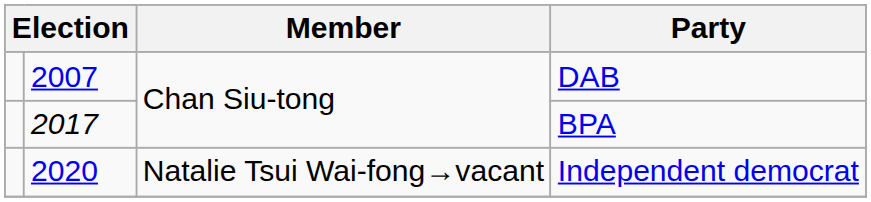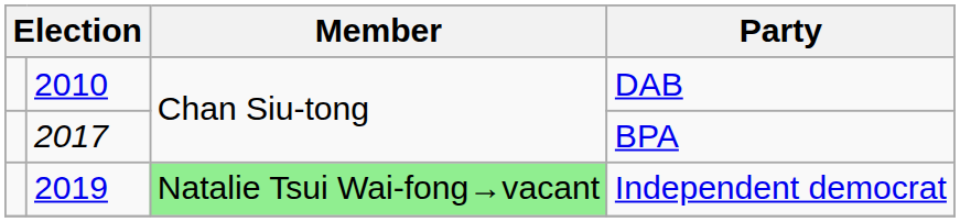 <table class="wikitable">
 <tr>
 <th colspan="2">Election</th>
 <th>Member</th>
 <th>Party</th>
 </tr>
 <tr>
 <td style="background-color: "></td>
-<td><a href='#'>2007</a></td>
+<td><a href='#'>2010</a></td>
 <td rowspan=2>Chan Siu-tong</td>
 <td><a href='#'>DAB</a></td>
 </tr>
 <tr>
 <td style="background-color: "></td>
 <td><em>2017</em></td>
 <td><a href='#'>BPA</a></td>
 </tr>
 <tr>
 <td style="background-color: "></td>
-<td><a href='#'>2020</a></td>
-<td>Natalie Tsui Wai-fong→vacant</td>
+<td><a href='#'>2019</a></td>
+<td style="background: lightgreen;">Natalie Tsui Wai-fong→vacant</td>
 <td><a href='#'>Independent democrat</a></td>
 </tr>
 <tr>
 </tr>
 </table>
